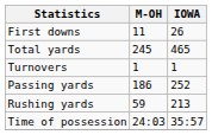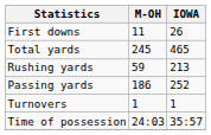 <table class="wikitable">
 <tr>
 <th>Statistics</th>
 <th>M-OH</th>
 <th>IOWA</th>
 </tr>
 <tr>
 <td>First downs</td>
 <td>11</td>
 <td>26</td>
 </tr>
 <tr>
 <td>Total yards</td>
 <td>245</td>
 <td>465</td>
 </tr>
 <tr>
-<td>Turnovers</td>
-<td>1</td>
-<td>1</td>
+<td>Rushing yards</td>
+<td>59</td>
+<td>213</td>
 </tr>
 <tr>
 <td>Passing yards</td>
 <td>186</td>
 <td>252</td>
 </tr>
 <tr>
-<td>Rushing yards</td>
-<td>59</td>
-<td>213</td>
+<td>Turnovers</td>
+<td>1</td>
+<td>1</td>
 </tr>
 <tr>
 <td>Time of possession</td>
 <td>24:03</td>
 <td>35:57</td>
 </tr>
 <tr>
 </tr>
 </table>
